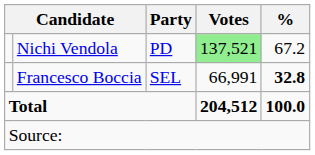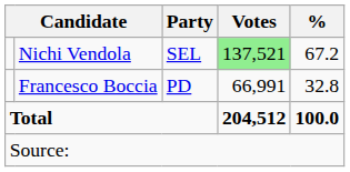 <table class="wikitable" style="font-size:95%">
 <tr bgcolor="EFEFEF">
 <th colspan=2>Candidate</th>
 <th>Party</th>
 <th>Votes</th>
 <th>%</th>
 </tr>
 <tr>
 <td></td>
 <td><a href='#'>Nichi Vendola</a></td>
-<td><a href='#'>PD</a></td>
+<td><a href='#'>SEL</a></td>
 <td align=right style="background: lightgreen;">137,521</td>
 <td align=right>67.2</td>
 </tr>
 <tr>
 <td></td>
 <td><a href='#'>Francesco Boccia</a></td>
-<td><a href='#'>SEL</a></td>
+<td><a href='#'>PD</a></td>
 <td align=right>66,991</td>
-<td align=right><strong>32.8</strong></td>
+<td align=right>32.8</td>
 </tr>
 <tr>
 <td colspan=3><strong>Total</strong></td>
 <td align=right><strong>204,512</strong></td>
 <td align=right><strong>100.0</strong></td>
 </tr>
 <tr>
 <td colspan=5>Source: </td>
 </tr>
 </table>
